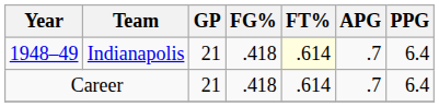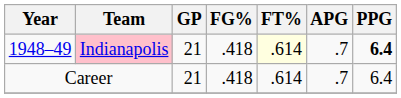 <table class="wikitable sortable" style="font-size:95%; text-align:right;">
 <tr>
 <th>Year</th>
 <th>Team</th>
 <th>GP</th>
 <th>FG%</th>
 <th>FT%</th>
 <th>APG</th>
 <th>PPG</th>
 </tr>
 <tr>
 <td style="text-align:left;"><a href='#'>1948–49</a></td>
-<td style="text-align:left;"><a href='#'>Indianapolis</a></td>
+<td style="background: pink; text-align:left;"><a href='#'>Indianapolis</a></td>
 <td>21</td>
 <td>.418</td>
 <td style="background: lightyellow;">.614</td>
 <td>.7</td>
-<td>6.4</td>
+<td><strong>6.4</strong></td>
 </tr>
 <tr>
 <td style="text-align:center;" colspan="2">Career</td>
 <td>21</td>
 <td>.418</td>
 <td>.614</td>
 <td>.7</td>
 <td>6.4</td>
 </tr>
 <tr>
 </tr>
 </table>
